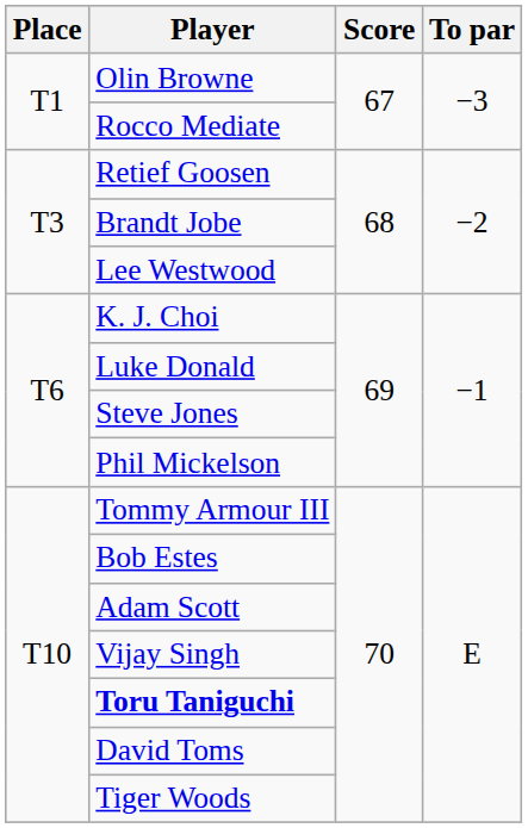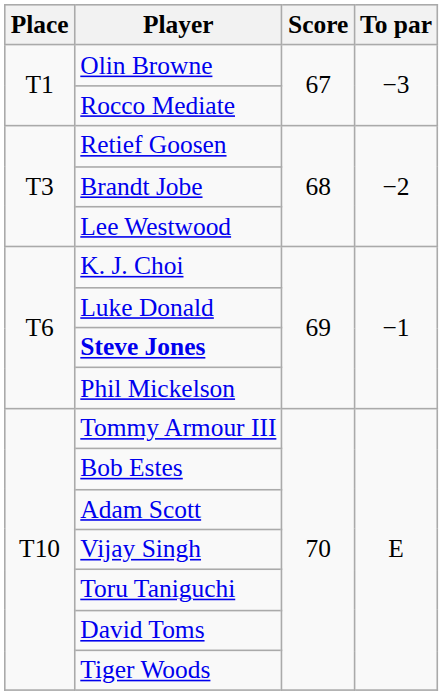 <table class="wikitable">
 <tr>
 <th>Place</th>
 <th>Player</th>
 <th>Score</th>
 <th>To par</th>
 </tr>
 <tr>
 <td rowspan="2" align=center>T1</td>
 <td> <a href='#'>Olin Browne</a></td>
 <td rowspan="2" align=center>67</td>
 <td rowspan="2" align=center>−3</td>
 </tr>
 <tr>
 <td> <a href='#'>Rocco Mediate</a></td>
 </tr>
 <tr>
 <td rowspan="3" align=center>T3</td>
 <td> <a href='#'>Retief Goosen</a></td>
 <td rowspan="3" align=center>68</td>
 <td rowspan="3" align=center>−2</td>
 </tr>
 <tr>
 <td> <a href='#'>Brandt Jobe</a></td>
 </tr>
 <tr>
 <td> <a href='#'>Lee Westwood</a></td>
 </tr>
 <tr>
 <td rowspan="4" align=center>T6</td>
 <td> <a href='#'>K. J. Choi</a></td>
 <td rowspan="4" align=center>69</td>
 <td rowspan="4" align=center>−1</td>
 </tr>
 <tr>
 <td> <a href='#'>Luke Donald</a></td>
 </tr>
 <tr>
-<td> <a href='#'>Steve Jones</a></td>
+<td><strong> <a href='#'>Steve Jones</a></strong></td>
 </tr>
 <tr>
 <td> <a href='#'>Phil Mickelson</a></td>
 </tr>
 <tr>
 <td rowspan="7" align=center>T10</td>
 <td> <a href='#'>Tommy Armour III</a></td>
 <td rowspan="7" align=center>70</td>
 <td rowspan="7" align=center>E</td>
 </tr>
 <tr>
 <td> <a href='#'>Bob Estes</a></td>
 </tr>
 <tr>
 <td> <a href='#'>Adam Scott</a></td>
 </tr>
 <tr>
 <td> <a href='#'>Vijay Singh</a></td>
 </tr>
 <tr>
-<td><strong> <a href='#'>Toru Taniguchi</a></strong></td>
+<td> <a href='#'>Toru Taniguchi</a></td>
 </tr>
 <tr>
 <td> <a href='#'>David Toms</a></td>
 </tr>
 <tr>
 <td> <a href='#'>Tiger Woods</a></td>
 </tr>
 </table>
